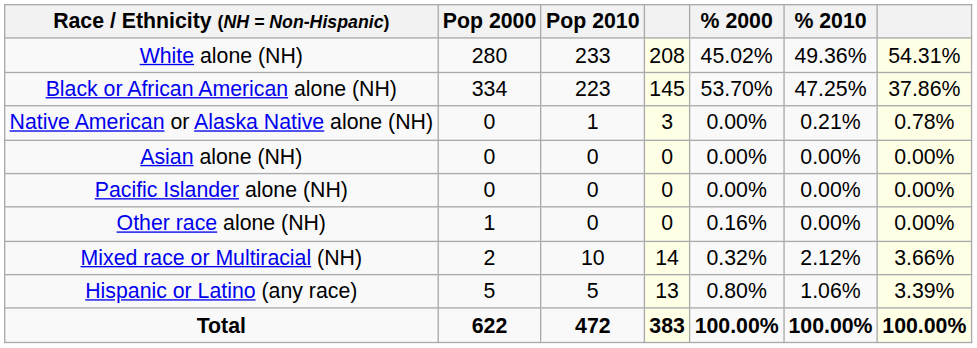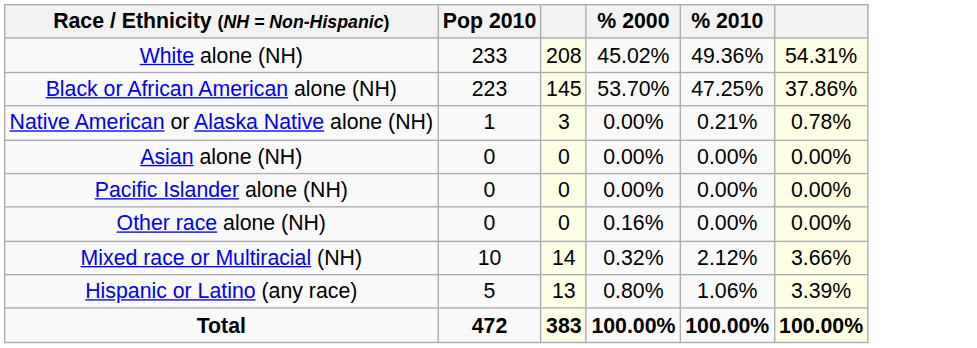 <table class="wikitable" style="text-align:center;">
 <tr>
 <th>Race / Ethnicity <small>(<em>NH = Non-Hispanic</em>)</small></th>
-<th>Pop 2000</th>
 <th>Pop 2010</th>
 <th></th>
 <th>% 2000</th>
 <th>% 2010</th>
 <th></th>
 </tr>
 <tr>
 <td><a href='#'>White</a> alone (NH)</td>
-<td>280</td>
 <td>233</td>
 <td style='background: #ffffe6;'>208</td>
 <td>45.02%</td>
 <td>49.36%</td>
 <td style='background: #ffffe6;'>54.31%</td>
 </tr>
 <tr>
 <td><a href='#'>Black or African American</a> alone (NH)</td>
-<td>334</td>
 <td>223</td>
 <td style='background: #ffffe6;'>145</td>
 <td>53.70%</td>
 <td>47.25%</td>
 <td style='background: #ffffe6;'>37.86%</td>
 </tr>
 <tr>
 <td><a href='#'>Native American</a> or <a href='#'>Alaska Native</a> alone (NH)</td>
-<td>0</td>
 <td>1</td>
 <td style='background: #ffffe6;'>3</td>
 <td>0.00%</td>
 <td>0.21%</td>
 <td style='background: #ffffe6;'>0.78%</td>
 </tr>
 <tr>
 <td><a href='#'>Asian</a> alone (NH)</td>
 <td>0</td>
-<td>0</td>
 <td style='background: #ffffe6;'>0</td>
 <td>0.00%</td>
 <td>0.00%</td>
 <td style='background: #ffffe6;'>0.00%</td>
 </tr>
 <tr>
 <td><a href='#'>Pacific Islander</a> alone (NH)</td>
 <td>0</td>
-<td>0</td>
 <td style='background: #ffffe6;'>0</td>
 <td>0.00%</td>
 <td>0.00%</td>
 <td style='background: #ffffe6;'>0.00%</td>
 </tr>
 <tr>
 <td><a href='#'>Other race</a> alone (NH)</td>
-<td>1</td>
 <td>0</td>
 <td style='background: #ffffe6;'>0</td>
 <td>0.16%</td>
 <td>0.00%</td>
 <td style='background: #ffffe6;'>0.00%</td>
 </tr>
 <tr>
 <td><a href='#'>Mixed race or Multiracial</a> (NH)</td>
-<td>2</td>
 <td>10</td>
 <td style='background: #ffffe6;'>14</td>
 <td>0.32%</td>
 <td>2.12%</td>
 <td style='background: #ffffe6;'>3.66%</td>
 </tr>
 <tr>
 <td><a href='#'>Hispanic or Latino</a> (any race)</td>
 <td>5</td>
-<td>5</td>
 <td style='background: #ffffe6;'>13</td>
 <td>0.80%</td>
 <td>1.06%</td>
 <td style='background: #ffffe6;'>3.39%</td>
 </tr>
 <tr>
 <td><strong>Total</strong></td>
-<td><strong>622</strong></td>
 <td><strong>472</strong></td>
 <td style='background: #ffffe6;'><strong>383</strong></td>
 <td><strong>100.00%</strong></td>
 <td><strong>100.00%</strong></td>
 <td style='background: #ffffe6;'><strong>100.00%</strong></td>
 </tr>
 </table>
